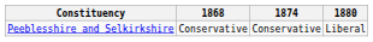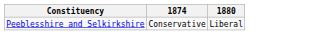 <table class="wikitable">
 <tr>
 <th>Constituency</th>
-<th>1868</th>
 <th>1874</th>
 <th>1880</th>
 </tr>
 <tr>
 <td><a href='#'>Peeblesshire and Selkirkshire</a></td>
 <td>Conservative</td>
-<td>Conservative</td>
 <td>Liberal</td>
 </tr>
 </table>
